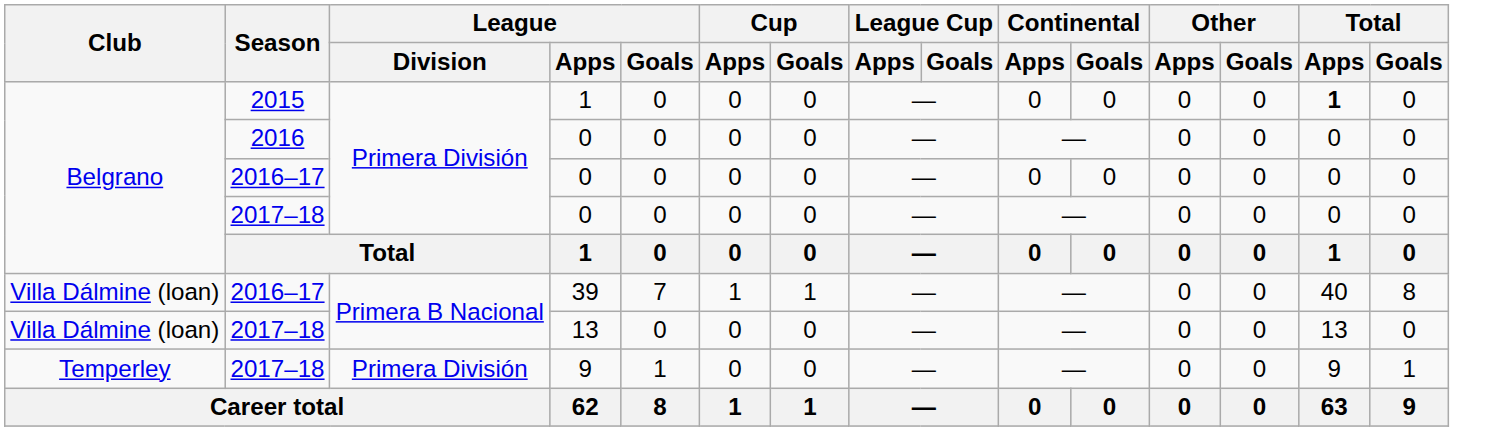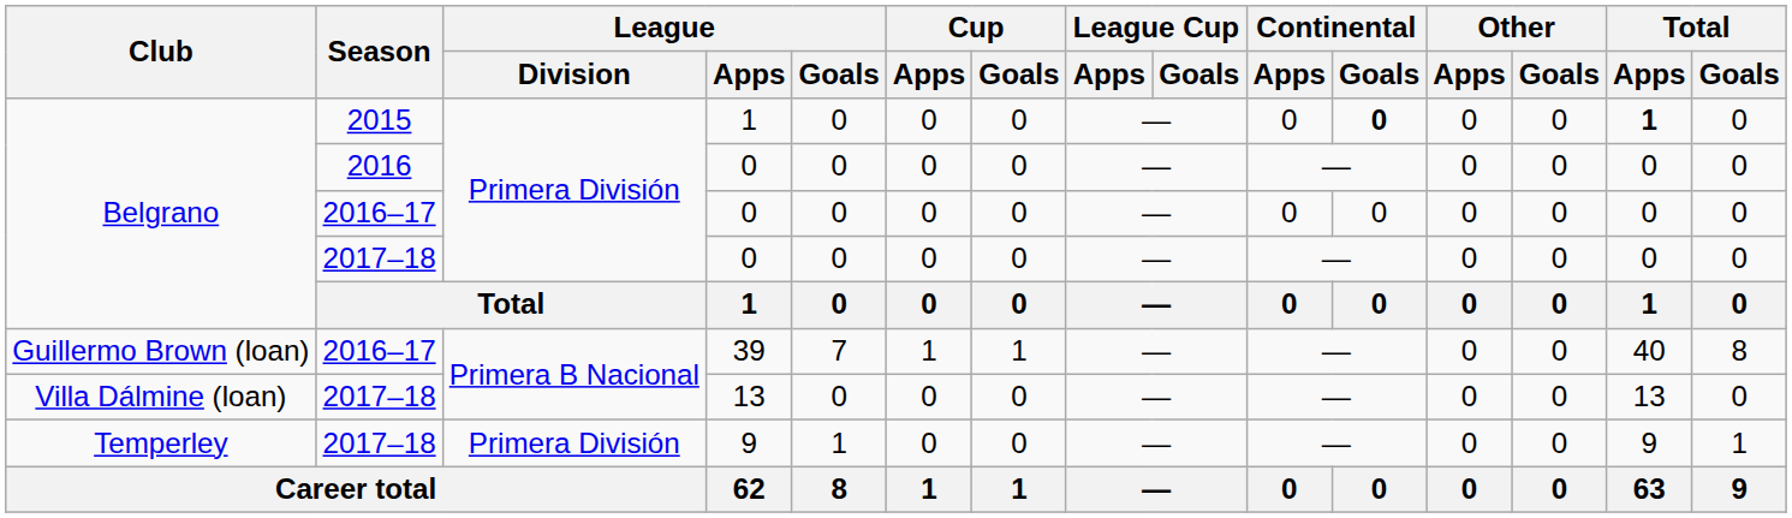 <table class="wikitable" style="text-align:center">
 <tr>
 <th rowspan="2">Club</th>
 <th rowspan="2">Season</th>
 <th colspan="3">League</th>
 <th colspan="2">Cup</th>
 <th colspan="2">League Cup</th>
 <th colspan="2">Continental</th>
 <th colspan="2">Other</th>
 <th colspan="2">Total</th>
 </tr>
 <tr>
 <th>Division</th>
 <th>Apps</th>
 <th>Goals</th>
 <th>Apps</th>
 <th>Goals</th>
 <th>Apps</th>
 <th>Goals</th>
 <th>Apps</th>
 <th>Goals</th>
 <th>Apps</th>
 <th>Goals</th>
 <th>Apps</th>
 <th>Goals</th>
 </tr>
 <tr>
 <td rowspan="5"><a href='#'>Belgrano</a></td>
 <td><a href='#'>2015</a></td>
 <td rowspan="4"><a href='#'>Primera División</a></td>
 <td>1</td>
 <td>0</td>
 <td>0</td>
 <td>0</td>
 <td colspan="2">—</td>
 <td>0</td>
-<td>0</td>
+<td><strong>0</strong></td>
 <td>0</td>
 <td>0</td>
 <td><strong>1</strong></td>
 <td>0</td>
 </tr>
 <tr>
 <td><a href='#'>2016</a></td>
 <td>0</td>
 <td>0</td>
 <td>0</td>
 <td>0</td>
 <td colspan="2">—</td>
 <td colspan="2">—</td>
 <td>0</td>
 <td>0</td>
 <td>0</td>
 <td>0</td>
 </tr>
 <tr>
 <td><a href='#'>2016–17</a></td>
 <td>0</td>
 <td>0</td>
 <td>0</td>
 <td>0</td>
 <td colspan="2">—</td>
 <td>0</td>
 <td>0</td>
 <td>0</td>
 <td>0</td>
 <td>0</td>
 <td>0</td>
 </tr>
 <tr>
 <td><a href='#'>2017–18</a></td>
 <td>0</td>
 <td>0</td>
 <td>0</td>
 <td>0</td>
 <td colspan="2">—</td>
 <td colspan="2">—</td>
 <td>0</td>
 <td>0</td>
 <td>0</td>
 <td>0</td>
 </tr>
 <tr>
 <th colspan="2">Total</th>
 <th>1</th>
 <th>0</th>
 <th>0</th>
 <th>0</th>
 <th colspan="2">—</th>
 <th>0</th>
 <th>0</th>
 <th>0</th>
 <th>0</th>
 <th>1</th>
 <th>0</th>
 </tr>
 <tr>
-<td rowspan="1"><a href='#'>Villa Dálmine</a> (loan)</td>
+<td rowspan="1"><a href='#'>Guillermo Brown</a> (loan)</td>
 <td><a href='#'>2016–17</a></td>
 <td rowspan="2"><a href='#'>Primera B Nacional</a></td>
 <td>39</td>
 <td>7</td>
 <td>1</td>
 <td>1</td>
 <td colspan="2">—</td>
 <td colspan="2">—</td>
 <td>0</td>
 <td>0</td>
 <td>40</td>
 <td>8</td>
 </tr>
 <tr>
 <td rowspan="1"><a href='#'>Villa Dálmine</a> (loan)</td>
 <td rowspan="1"><a href='#'>2017–18</a></td>
 <td>13</td>
 <td>0</td>
 <td>0</td>
 <td>0</td>
 <td colspan="2">—</td>
 <td colspan="2">—</td>
 <td>0</td>
 <td>0</td>
 <td>13</td>
 <td>0</td>
 </tr>
 <tr>
 <td rowspan="1"><a href='#'>Temperley</a></td>
 <td><a href='#'>2017–18</a></td>
 <td rowspan="1"><a href='#'>Primera División</a></td>
 <td>9</td>
 <td>1</td>
 <td>0</td>
 <td>0</td>
 <td colspan="2">—</td>
 <td colspan="2">—</td>
 <td>0</td>
 <td>0</td>
 <td>9</td>
 <td>1</td>
 </tr>
 <tr>
 <th colspan="3">Career total</th>
 <th>62</th>
 <th>8</th>
 <th>1</th>
 <th>1</th>
 <th colspan="2">—</th>
 <th>0</th>
 <th>0</th>
 <th>0</th>
 <th>0</th>
 <th>63</th>
 <th>9</th>
 </tr>
 </table>
